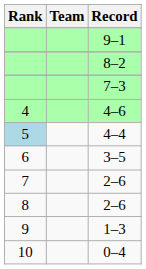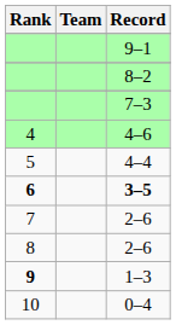 <table class="wikitable">
 <tr>
 <th>Rank</th>
 <th>Team</th>
 <th>Record</th>
 </tr>
 <tr>
 </tr>
 <tr bgcolor=#aaffaa>
 <td align=center></td>
 <td></td>
 <td align=center>9–1</td>
 </tr>
 <tr>
 </tr>
 <tr bgcolor=#aaffaa>
 <td align=center></td>
 <td></td>
 <td align=center>8–2</td>
 </tr>
 <tr>
 </tr>
 <tr bgcolor=#aaffaa>
 <td align=center></td>
 <td></td>
 <td align=center>7–3</td>
 </tr>
 <tr bgcolor=#aaffaa>
 <td align=center>4</td>
 <td></td>
 <td align=center>4–6</td>
 </tr>
 <tr>
-<td align=center style="background: lightblue;">5</td>
+<td align=center>5</td>
 <td></td>
 <td align=center>4–4</td>
 </tr>
 <tr>
-<td align=center>6</td>
+<td align=center><strong>6</strong></td>
 <td></td>
-<td align=center>3–5</td>
+<td align=center><strong>3–5</strong></td>
 </tr>
 <tr>
 <td align=center>7</td>
 <td></td>
 <td align=center>2–6</td>
 </tr>
 <tr>
 <td align=center>8</td>
 <td></td>
 <td align=center>2–6</td>
 </tr>
 <tr>
-<td align=center>9</td>
+<td align=center><strong>9</strong></td>
 <td></td>
 <td align=center>1–3</td>
 </tr>
 <tr>
 <td align=center>10</td>
 <td></td>
 <td align=center>0–4</td>
 </tr>
 </table>
